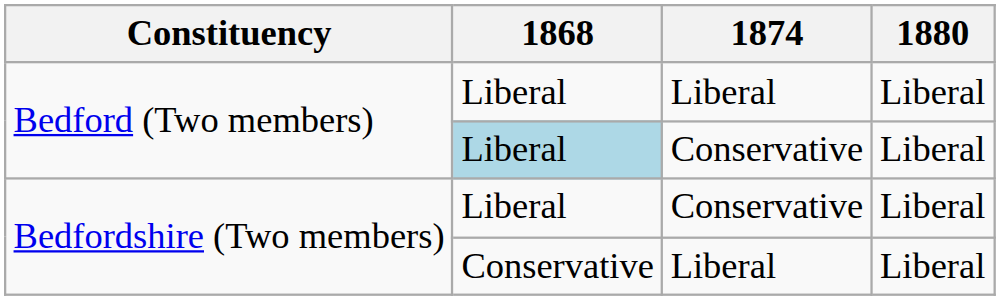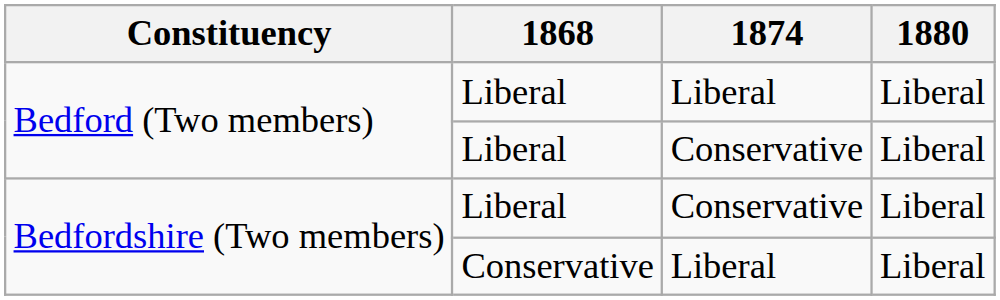 <table class="wikitable">
 <tr>
 <th>Constituency</th>
 <th>1868</th>
 <th>1874</th>
 <th>1880</th>
 </tr>
 <tr>
 <td rowspan="2"><a href='#'>Bedford</a> (Two members)</td>
 <td>Liberal</td>
 <td>Liberal</td>
 <td>Liberal</td>
 </tr>
 <tr>
-<td style="background: lightblue;">Liberal</td>
+<td>Liberal</td>
 <td>Conservative</td>
 <td>Liberal</td>
 </tr>
 <tr>
 <td rowspan="2"><a href='#'>Bedfordshire</a> (Two members)</td>
 <td>Liberal</td>
 <td>Conservative</td>
 <td>Liberal</td>
 </tr>
 <tr>
 <td>Conservative</td>
 <td>Liberal</td>
 <td>Liberal</td>
 </tr>
 </table>
